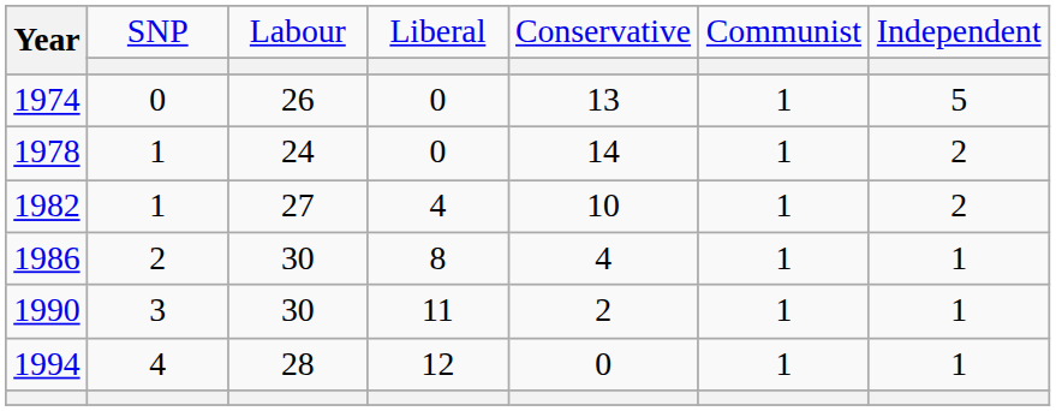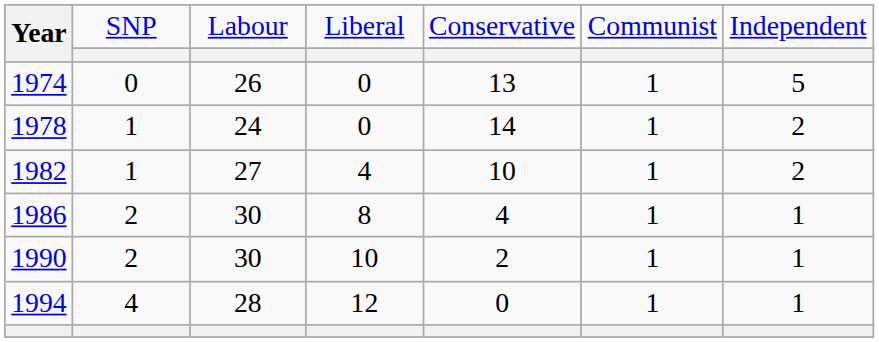 <table class=wikitable style=text-align:center>
 <tr>
 <th rowspan=2>Year</th>
 <td width="60"><a href='#'>SNP</a></td>
 <td width="60"><a href='#'>Labour</a></td>
 <td width="60"><a href='#'>Liberal</a></td>
 <td width="60"><a href='#'>Conservative</a></td>
 <td width="60"><a href='#'>Communist</a></td>
 <td width="60"><a href='#'>Independent</a></td>
 </tr>
 <tr>
 <th style="background-color: "></th>
 <th style="background-color: "></th>
 <th style="background-color: "></th>
 <th style="background-color: "></th>
 <th style="background-color: "></th>
 <th style="background-color: "></th>
 </tr>
 <tr>
 <td><a href='#'>1974</a></td>
 <td>0</td>
 <td>26</td>
 <td>0</td>
 <td>13</td>
 <td>1</td>
 <td>5</td>
 </tr>
 <tr>
 <td><a href='#'>1978</a></td>
 <td>1</td>
 <td>24</td>
 <td>0</td>
 <td>14</td>
 <td>1</td>
 <td>2</td>
 </tr>
 <tr>
 <td><a href='#'>1982</a></td>
 <td>1</td>
 <td>27</td>
 <td>4</td>
 <td>10</td>
 <td>1</td>
 <td>2</td>
 </tr>
 <tr>
 <td><a href='#'>1986</a></td>
 <td>2</td>
 <td>30</td>
 <td>8</td>
 <td>4</td>
 <td>1</td>
 <td>1</td>
 </tr>
 <tr>
 <td><a href='#'>1990</a></td>
-<td>3</td>
+<td>2</td>
 <td>30</td>
-<td>11</td>
+<td>10</td>
 <td>2</td>
 <td>1</td>
 <td>1</td>
 </tr>
 <tr>
 <td><a href='#'>1994</a></td>
 <td>4</td>
 <td>28</td>
 <td>12</td>
 <td>0</td>
 <td>1</td>
 <td>1</td>
 </tr>
 <tr>
 <th></th>
 <th style="background-color: "></th>
 <th style="background-color: "></th>
 <th style="background-color: "></th>
 <th style="background-color: "></th>
 <th style="background-color: "></th>
 <th style="background-color: "></th>
 </tr>
 </table>
